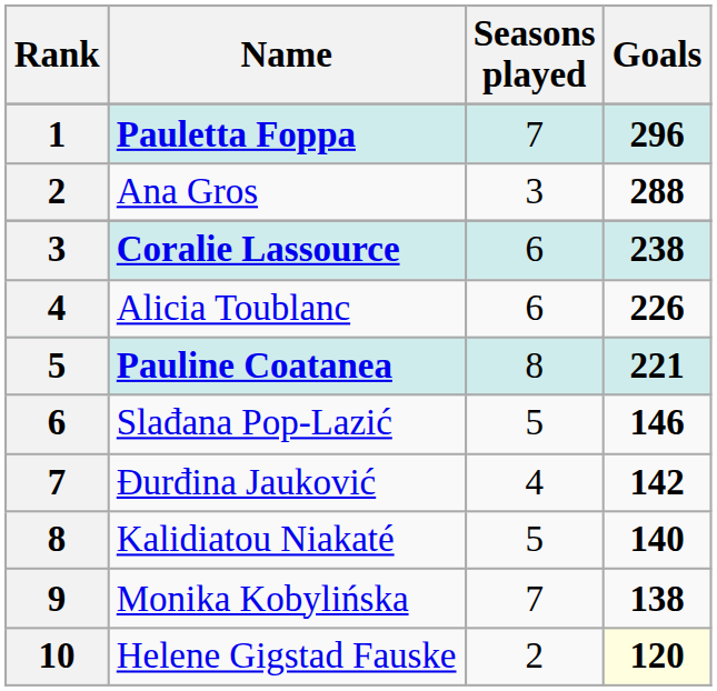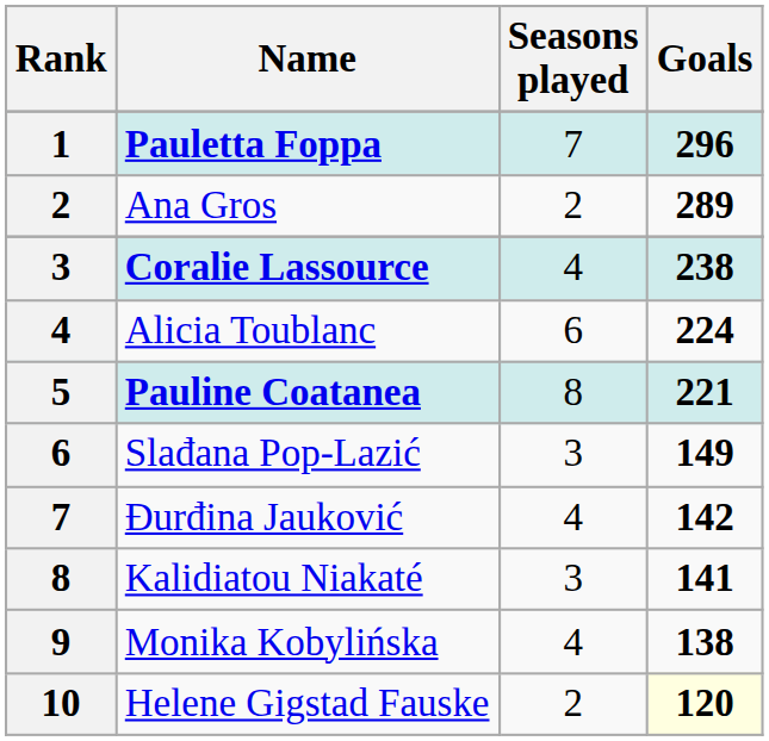 <table class="wikitable" style="text-align: center">
 <tr>
 <th>Rank</th>
 <th class="unsortable">Name</th>
 <th>Seasons<br>played</th>
 <th>Goals</th>
 </tr>
 <tr>
 </tr>
 <tr style="background-color: #CFECEC;">
 <th rowspan="1">1</th>
 <td style="text-align: left;"> <strong><a href='#'>Pauletta Foppa</a></strong></td>
 <td>7</td>
 <td><strong>296</strong></td>
 </tr>
 <tr>
 <th rowspan="1">2</th>
 <td style="text-align: left;"> <a href='#'>Ana Gros</a></td>
-<td>3</td>
-<td><strong>288</strong></td>
+<td>2</td>
+<td><strong>289</strong></td>
 </tr>
 <tr>
 </tr>
 <tr style="background-color: #CFECEC;">
 <th rowspan="1">3</th>
 <td style="text-align: left;"> <strong><a href='#'>Coralie Lassource</a></strong></td>
-<td>6</td>
+<td>4</td>
 <td><strong>238</strong></td>
 </tr>
 <tr>
 <th rowspan="1">4</th>
 <td style="text-align: left;"> <a href='#'>Alicia Toublanc</a></td>
 <td>6</td>
-<td><strong>226</strong></td>
+<td><strong>224</strong></td>
 </tr>
 <tr style="background-color: #CFECEC;">
 <th rowspan="1">5</th>
 <td style="text-align: left;"> <strong><a href='#'>Pauline Coatanea</a></strong></td>
 <td>8</td>
 <td><strong>221</strong></td>
 </tr>
 <tr>
 <th rowspan="1">6</th>
 <td style="text-align: left;"> <a href='#'>Slađana Pop-Lazić</a></td>
-<td>5</td>
-<td><strong>146</strong></td>
+<td>3</td>
+<td><strong>149</strong></td>
 </tr>
 <tr>
 <th rowspan="1">7</th>
 <td style="text-align: left;"> <a href='#'>Đurđina Jauković</a></td>
 <td>4</td>
 <td><strong>142</strong></td>
 </tr>
 <tr>
 <th rowspan="1">8</th>
 <td style="text-align: left;"> <a href='#'>Kalidiatou Niakaté</a></td>
-<td>5</td>
-<td><strong>140</strong></td>
+<td>3</td>
+<td><strong>141</strong></td>
 </tr>
 <tr>
 <th rowspan="1">9</th>
 <td style="text-align: left;"> <a href='#'>Monika Kobylińska</a></td>
-<td>7</td>
+<td>4</td>
 <td><strong>138</strong></td>
 </tr>
 <tr>
 <th rowspan="1">10</th>
 <td style="text-align: left;"> <a href='#'>Helene Gigstad Fauske</a></td>
 <td>2</td>
 <td style="background: lightyellow;"><strong>120</strong></td>
 </tr>
 </table>
